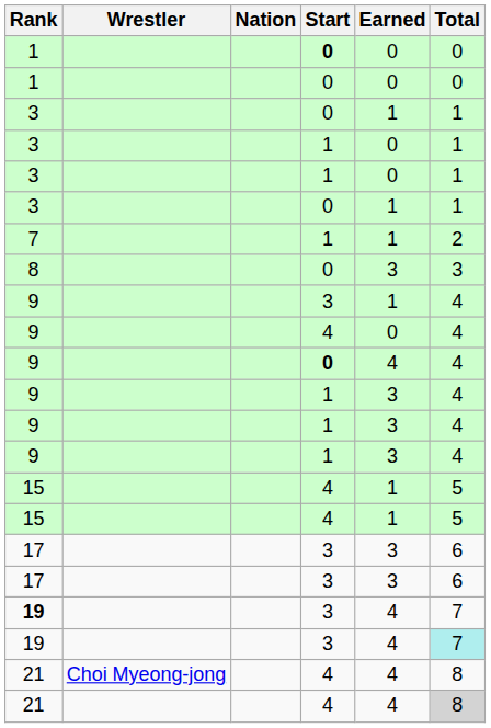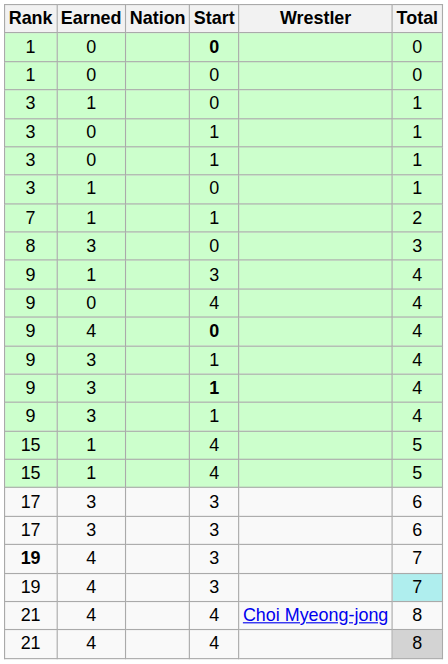 <table class="wikitable sortable" style="text-align:center;">
 <tr>
 <th>Rank</th>
-<th>Wrestler</th>
+<th>Earned</th>
 <th>Nation</th>
 <th>Start</th>
-<th>Earned</th>
+<th>Wrestler</th>
 <th>Total</th>
 </tr>
 <tr style="background:#cfc;">
 <td>1</td>
-<td align=left></td>
+<td>0</td>
 <td align=left></td>
 <td><strong>0</strong></td>
-<td>0</td>
+<td align=left></td>
 <td>0</td>
 </tr>
 <tr style="background:#cfc;">
 <td>1</td>
-<td align=left></td>
+<td>0</td>
 <td align=left></td>
 <td>0</td>
-<td>0</td>
+<td align=left></td>
 <td>0</td>
 </tr>
 <tr style="background:#cfc;">
 <td>3</td>
-<td align=left></td>
+<td>1</td>
 <td align=left></td>
 <td>0</td>
-<td>1</td>
+<td align=left></td>
 <td>1</td>
 </tr>
 <tr style="background:#cfc;">
 <td>3</td>
-<td align=left></td>
+<td>0</td>
 <td align=left></td>
 <td>1</td>
-<td>0</td>
+<td align=left></td>
 <td>1</td>
 </tr>
 <tr style="background:#cfc;">
 <td>3</td>
-<td align=left></td>
+<td>0</td>
 <td align=left></td>
 <td>1</td>
-<td>0</td>
+<td align=left></td>
 <td>1</td>
 </tr>
 <tr style="background:#cfc;">
 <td>3</td>
-<td align=left></td>
+<td>1</td>
 <td align=left></td>
 <td>0</td>
-<td>1</td>
+<td align=left></td>
 <td>1</td>
 </tr>
 <tr style="background:#cfc;">
 <td>7</td>
-<td align=left></td>
+<td>1</td>
 <td align=left></td>
 <td>1</td>
-<td>1</td>
+<td align=left></td>
 <td>2</td>
 </tr>
 <tr style="background:#cfc;">
 <td>8</td>
-<td align=left></td>
+<td>3</td>
 <td align=left></td>
 <td>0</td>
-<td>3</td>
+<td align=left></td>
 <td>3</td>
 </tr>
 <tr style="background:#cfc;">
 <td>9</td>
-<td align=left></td>
+<td>1</td>
 <td align=left></td>
 <td>3</td>
-<td>1</td>
+<td align=left></td>
 <td>4</td>
 </tr>
 <tr style="background:#cfc;">
 <td>9</td>
-<td align=left></td>
+<td>0</td>
 <td align=left></td>
 <td>4</td>
-<td>0</td>
+<td align=left></td>
 <td>4</td>
 </tr>
 <tr style="background:#cfc;">
 <td>9</td>
-<td align=left></td>
+<td>4</td>
 <td align=left></td>
 <td><strong>0</strong></td>
-<td>4</td>
+<td align=left></td>
 <td>4</td>
 </tr>
 <tr style="background:#cfc;">
 <td>9</td>
-<td align=left></td>
+<td>3</td>
 <td align=left></td>
 <td>1</td>
-<td>3</td>
+<td align=left></td>
 <td>4</td>
 </tr>
 <tr style="background:#cfc;">
 <td>9</td>
+<td>3</td>
 <td align=left></td>
+<td><strong>1</strong></td>
 <td align=left></td>
-<td>1</td>
-<td>3</td>
 <td>4</td>
 </tr>
 <tr style="background:#cfc;">
 <td>9</td>
-<td align=left></td>
+<td>3</td>
 <td align=left></td>
 <td>1</td>
-<td>3</td>
+<td align=left></td>
 <td>4</td>
 </tr>
 <tr style="background:#cfc;">
 <td>15</td>
-<td align=left></td>
+<td>1</td>
 <td align=left></td>
 <td>4</td>
-<td>1</td>
+<td align=left></td>
 <td>5</td>
 </tr>
 <tr style="background:#cfc;">
 <td>15</td>
-<td align=left></td>
+<td>1</td>
 <td align=left></td>
 <td>4</td>
-<td>1</td>
+<td align=left></td>
 <td>5</td>
 </tr>
 <tr>
 <td>17</td>
-<td align=left></td>
+<td>3</td>
 <td align=left></td>
 <td>3</td>
-<td>3</td>
+<td align=left></td>
 <td>6</td>
 </tr>
 <tr>
 <td>17</td>
-<td align=left></td>
+<td>3</td>
 <td align=left></td>
 <td>3</td>
-<td>3</td>
+<td align=left></td>
 <td>6</td>
 </tr>
 <tr>
 <td><strong>19</strong></td>
-<td align=left></td>
+<td>4</td>
 <td align=left></td>
 <td>3</td>
-<td>4</td>
+<td align=left></td>
 <td>7</td>
 </tr>
 <tr>
 <td>19</td>
-<td align=left></td>
+<td>4</td>
 <td align=left></td>
 <td>3</td>
-<td>4</td>
+<td align=left></td>
 <td style="background: paleturquoise;">7</td>
 </tr>
 <tr>
 <td>21</td>
-<td align=left><a href='#'>Choi Myeong-jong</a></td>
+<td>4</td>
 <td align=left></td>
 <td>4</td>
-<td>4</td>
+<td align=left><a href='#'>Choi Myeong-jong</a></td>
 <td>8</td>
 </tr>
 <tr>
 <td>21</td>
-<td align=left></td>
+<td>4</td>
 <td align=left></td>
 <td>4</td>
-<td>4</td>
+<td align=left></td>
 <td style="background: lightgrey;">8</td>
 </tr>
 </table>
